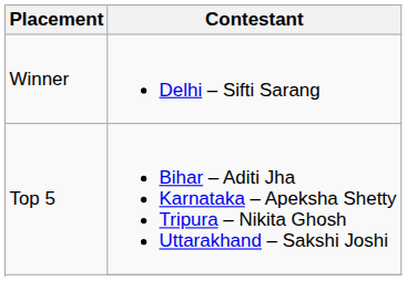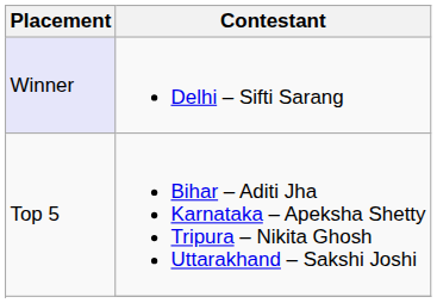 <table class="wikitable">
 <tr>
 <th>Placement</th>
 <th>Contestant</th>
 </tr>
 <tr>
-<td>Winner</td>
+<td style="background: lavender;">Winner</td>
 <td><br><ul><li><a href='#'>Delhi</a> – Sifti Sarang</li></ul></td>
 </tr>
 <tr>
 <td rowspan=5>Top 5</td>
 <td><br><ul><li><a href='#'>Bihar</a> – Aditi Jha</li><li><a href='#'>Karnataka</a> – Apeksha Shetty</li><li><a href='#'>Tripura</a> – Nikita Ghosh</li><li><a href='#'>Uttarakhand</a> – Sakshi Joshi</li></ul></td>
 </tr>
 <tr>
 </tr>
 </table>
